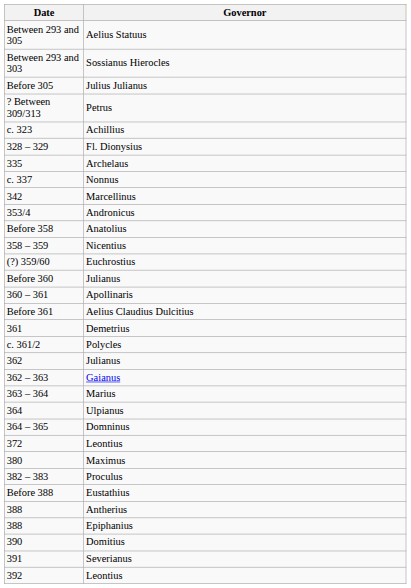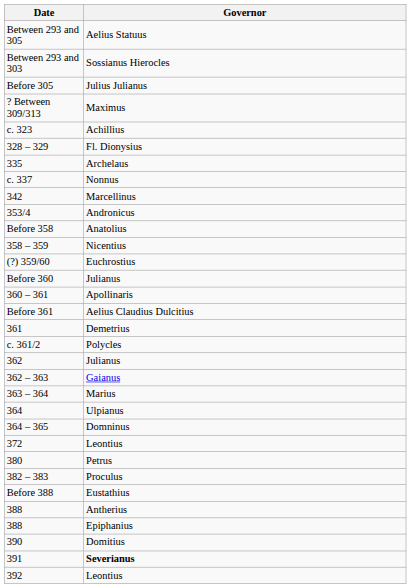 <table class="wikitable"  width="70%">
 <tr bgcolor="#FFDEAD">
 <th width="9%">Date</th>
 <th width="39%">Governor</th>
 </tr>
 <tr>
 <td>Between 293 and 305</td>
 <td>Aelius Statuus</td>
 </tr>
 <tr>
 <td>Between 293 and 303</td>
 <td>Sossianus Hierocles</td>
 </tr>
 <tr>
 <td>Before 305</td>
 <td>Julius Julianus</td>
 </tr>
 <tr>
 <td>? Between 309/313</td>
-<td>Petrus</td>
+<td>Maximus</td>
 </tr>
 <tr>
 <td>c. 323</td>
 <td>Achillius</td>
 </tr>
 <tr>
 <td>328 – 329</td>
 <td>Fl. Dionysius</td>
 </tr>
 <tr>
 <td>335</td>
 <td>Archelaus</td>
 </tr>
 <tr>
 <td>c. 337</td>
 <td>Nonnus</td>
 </tr>
 <tr>
 <td>342</td>
 <td>Marcellinus</td>
 </tr>
 <tr>
 <td>353/4</td>
 <td>Andronicus</td>
 </tr>
 <tr>
 <td>Before 358</td>
 <td>Anatolius</td>
 </tr>
 <tr>
 <td>358 – 359</td>
 <td>Nicentius</td>
 </tr>
 <tr>
 <td>(?) 359/60</td>
 <td>Euchrostius</td>
 </tr>
 <tr>
 <td>Before 360</td>
 <td>Julianus</td>
 </tr>
 <tr>
 <td>360 – 361</td>
 <td>Apollinaris</td>
 </tr>
 <tr>
 <td>Before 361</td>
 <td>Aelius Claudius Dulcitius</td>
 </tr>
 <tr>
 <td>361</td>
 <td>Demetrius</td>
 </tr>
 <tr>
 <td>c. 361/2</td>
 <td>Polycles</td>
 </tr>
 <tr>
 <td>362</td>
 <td>Julianus</td>
 </tr>
 <tr>
 <td>362 – 363</td>
 <td><a href='#'>Gaianus</a></td>
 </tr>
 <tr>
 <td>363 – 364</td>
 <td>Marius</td>
 </tr>
 <tr>
 <td>364</td>
 <td>Ulpianus</td>
 </tr>
 <tr>
 <td>364 – 365</td>
 <td>Domninus</td>
 </tr>
 <tr>
 <td>372</td>
 <td>Leontius</td>
 </tr>
 <tr>
 <td>380</td>
-<td>Maximus</td>
+<td>Petrus</td>
 </tr>
 <tr>
 <td>382 – 383</td>
 <td>Proculus</td>
 </tr>
 <tr>
 <td>Before 388</td>
 <td>Eustathius</td>
 </tr>
 <tr>
 <td>388</td>
 <td>Antherius</td>
 </tr>
 <tr>
 <td>388</td>
 <td>Epiphanius</td>
 </tr>
 <tr>
 <td>390</td>
 <td>Domitius</td>
 </tr>
 <tr>
 <td>391</td>
-<td>Severianus</td>
+<td><strong>Severianus</strong></td>
 </tr>
 <tr>
 <td>392</td>
 <td>Leontius</td>
 </tr>
 </table>
